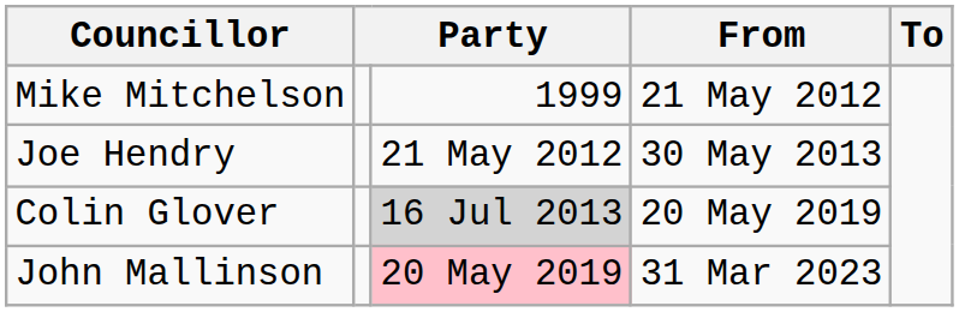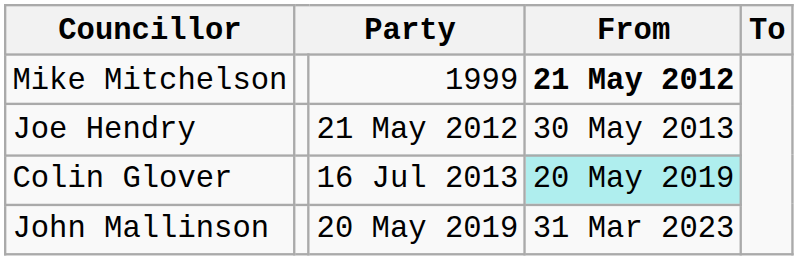 <table class=wikitable>
 <tr>
 <th>Councillor</th>
 <th colspan=2>Party</th>
 <th>From</th>
 <th>To</th>
 </tr>
 <tr>
 <td>Mike Mitchelson</td>
 <td></td>
 <td align=right>1999</td>
-<td align=right>21 May 2012</td>
+<td align=right><strong>21 May 2012</strong></td>
 </tr>
 <tr>
 <td>Joe Hendry</td>
 <td></td>
 <td align=right>21 May 2012</td>
 <td align=right>30 May 2013</td>
 </tr>
 <tr>
 <td>Colin Glover</td>
 <td></td>
-<td align=right style="background: lightgrey;">16 Jul 2013</td>
-<td align=right>20 May 2019</td>
+<td align=right>16 Jul 2013</td>
+<td align=right style="background: paleturquoise;">20 May 2019</td>
 </tr>
 <tr>
 <td>John Mallinson</td>
 <td></td>
-<td align=right style="background: pink;">20 May 2019</td>
+<td align=right>20 May 2019</td>
 <td align=right>31 Mar 2023</td>
 </tr>
 </table>
